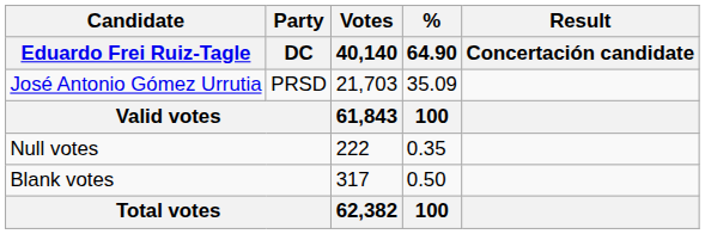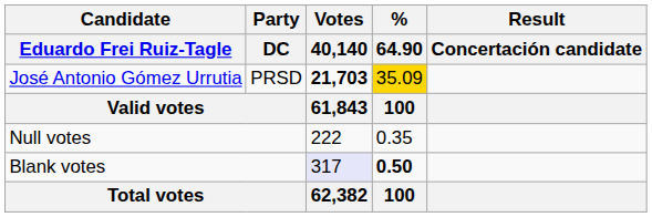 <table class="wikitable">
 <tr>
 <th>Candidate</th>
 <th>Party</th>
 <th>Votes</th>
 <th>%</th>
 <th>Result</th>
 </tr>
 <tr>
 <th><a href='#'>Eduardo Frei Ruiz-Tagle</a></th>
 <th>DC</th>
 <th>40,140</th>
 <th>64.90</th>
 <th>Concertación candidate</th>
 </tr>
 <tr>
 <td align=center><a href='#'>José Antonio Gómez Urrutia</a></td>
 <td>PRSD</td>
-<td>21,703</td>
-<td>35.09</td>
+<td><strong>21,703</strong></td>
+<td style="background: gold;">35.09</td>
 <td></td>
 </tr>
 <tr>
 <th colspan=2>Valid votes</th>
 <th>61,843</th>
 <th>100</th>
 <th></th>
 </tr>
 <tr>
 <td colspan=2>Null votes</td>
 <td>222</td>
 <td>0.35</td>
 <td></td>
 </tr>
 <tr>
 <td colspan=2>Blank votes</td>
-<td>317</td>
-<td>0.50</td>
+<td style="background: lavender;">317</td>
+<td><strong>0.50</strong></td>
 <td></td>
 </tr>
 <tr>
 <th colspan=2>Total votes</th>
 <th>62,382</th>
 <th>100</th>
 <th></th>
 </tr>
 </table>
